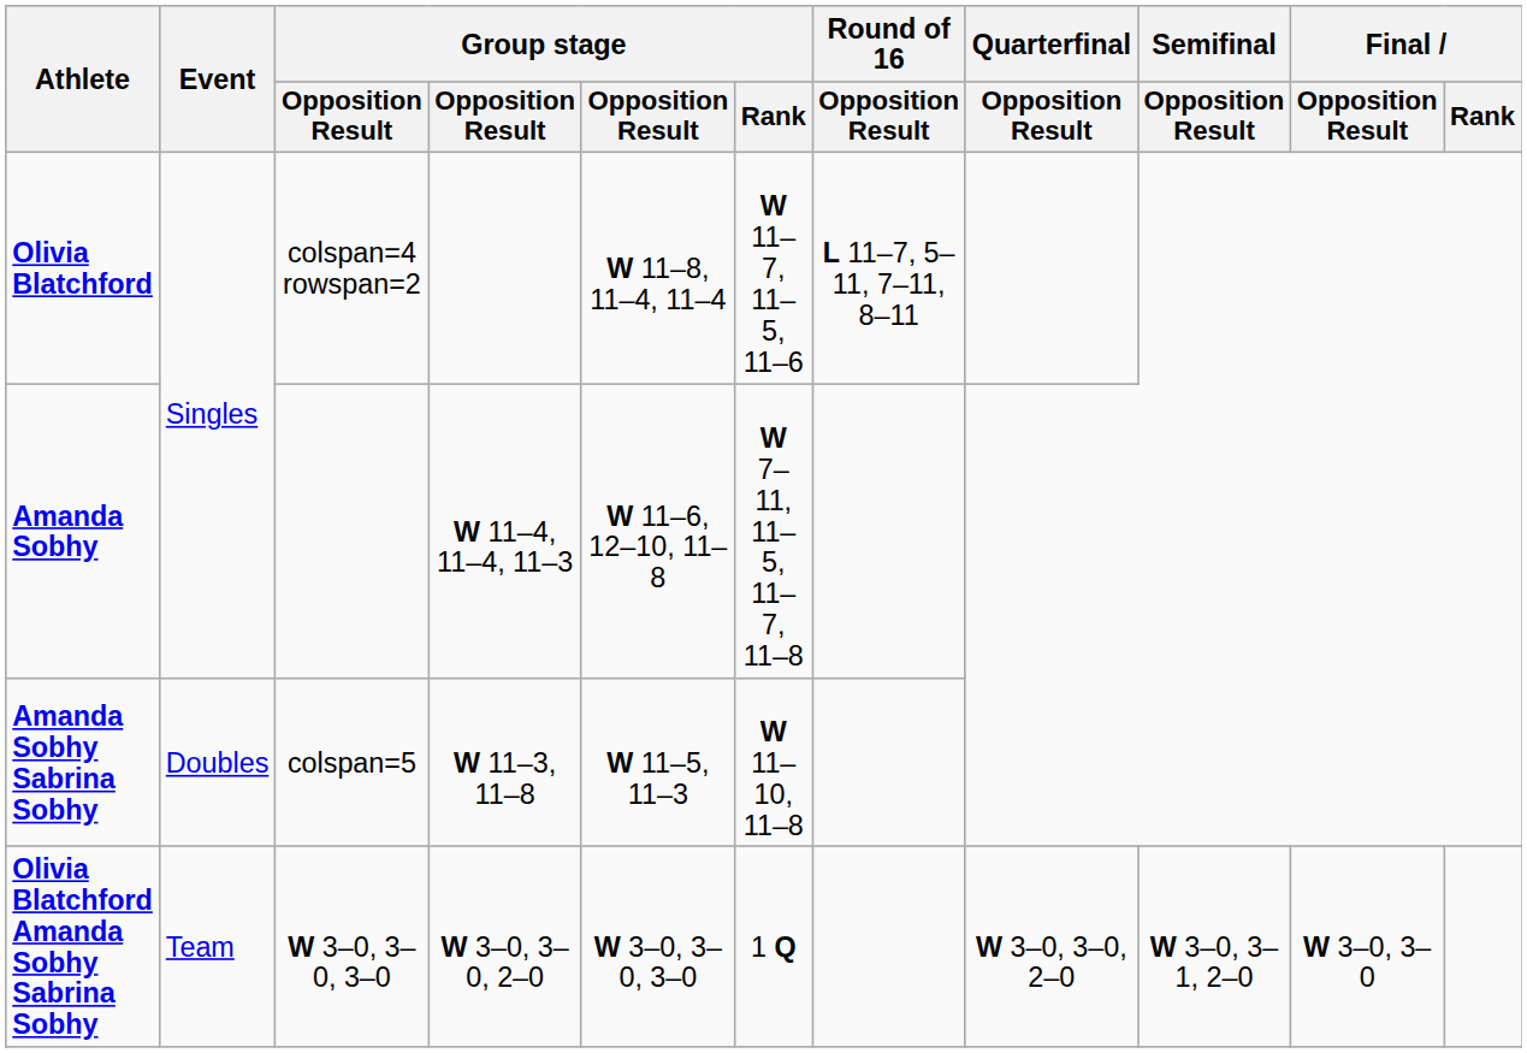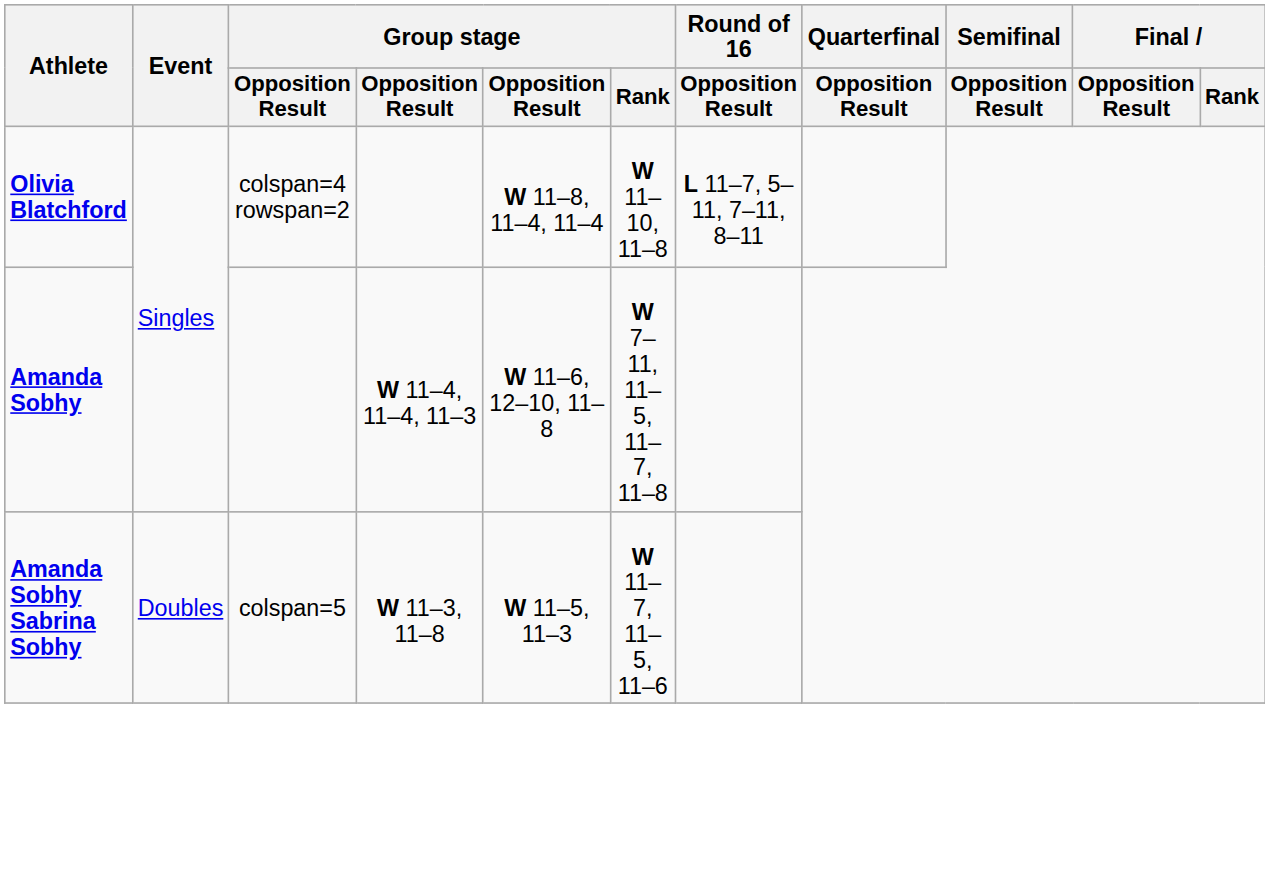 <table class=wikitable style=font-size:90%;text-align:center>
 <tr>
 <th rowspan=2>Athlete</th>
 <th rowspan=2>Event</th>
 <th colspan=4>Group stage</th>
 <th>Round of 16</th>
 <th>Quarterfinal</th>
 <th>Semifinal</th>
 <th colspan=2>Final / </th>
 </tr>
 <tr style=font-size:95%>
 <th>Opposition<br>Result</th>
 <th>Opposition<br>Result</th>
 <th>Opposition<br>Result</th>
 <th>Rank</th>
 <th>Opposition<br>Result</th>
 <th>Opposition<br>Result</th>
 <th>Opposition<br>Result</th>
 <th>Opposition<br>Result</th>
 <th>Rank</th>
 </tr>
 <tr>
 <td align=left><strong><a href='#'>Olivia Blatchford</a></strong></td>
 <td align=left rowspan=2><a href='#'>Singles</a></td>
 <td>colspan=4 rowspan=2 </td>
 <td></td>
 <td><br><strong>W</strong> 11–8, 11–4, 11–4</td>
-<td><br><strong>W</strong> 11–7, 11–5, 11–6</td>
+<td><br><strong>W</strong> 11–10, 11–8</td>
 <td><br><strong>L</strong> 11–7, 5–11, 7–11, 8–11</td>
 <td></td>
 </tr>
 <tr>
 <td align=left><strong><a href='#'>Amanda Sobhy</a></strong></td>
 <td></td>
 <td><br><strong>W</strong> 11–4, 11–4, 11–3</td>
 <td><br><strong>W</strong> 11–6, 12–10, 11–8</td>
 <td><br><strong>W</strong> 7–11, 11–5, 11–7, 11–8</td>
 <td></td>
 </tr>
 <tr>
 <td align=left><strong><a href='#'>Amanda Sobhy</a><br><a href='#'>Sabrina Sobhy</a></strong></td>
 <td align=left><a href='#'>Doubles</a></td>
 <td>colspan=5 </td>
 <td><br><strong>W</strong> 11–3, 11–8</td>
 <td><br><strong>W</strong> 11–5, 11–3</td>
-<td><br><strong>W</strong> 11–10, 11–8</td>
-<td></td>
-</tr>
-<tr>
-<td align=left><strong><a href='#'>Olivia Blatchford</a><br><a href='#'>Amanda Sobhy</a><br><a href='#'>Sabrina Sobhy</a></strong></td>
-<td align=left><a href='#'>Team</a></td>
-<td><br><strong>W</strong> 3–0, 3–0, 3–0</td>
-<td><br><strong>W</strong> 3–0, 3–0, 2–0</td>
-<td><br><strong>W</strong> 3–0, 3–0, 3–0</td>
-<td>1 <strong>Q</strong></td>
-<td></td>
-<td><br><strong>W</strong> 3–0, 3–0, 2–0</td>
-<td><br><strong>W</strong> 3–0, 3–1, 2–0</td>
-<td><br><strong>W</strong> 3–0, 3–0</td>
+<td><br><strong>W</strong> 11–7, 11–5, 11–6</td>
 <td></td>
 </tr>
 </table>
